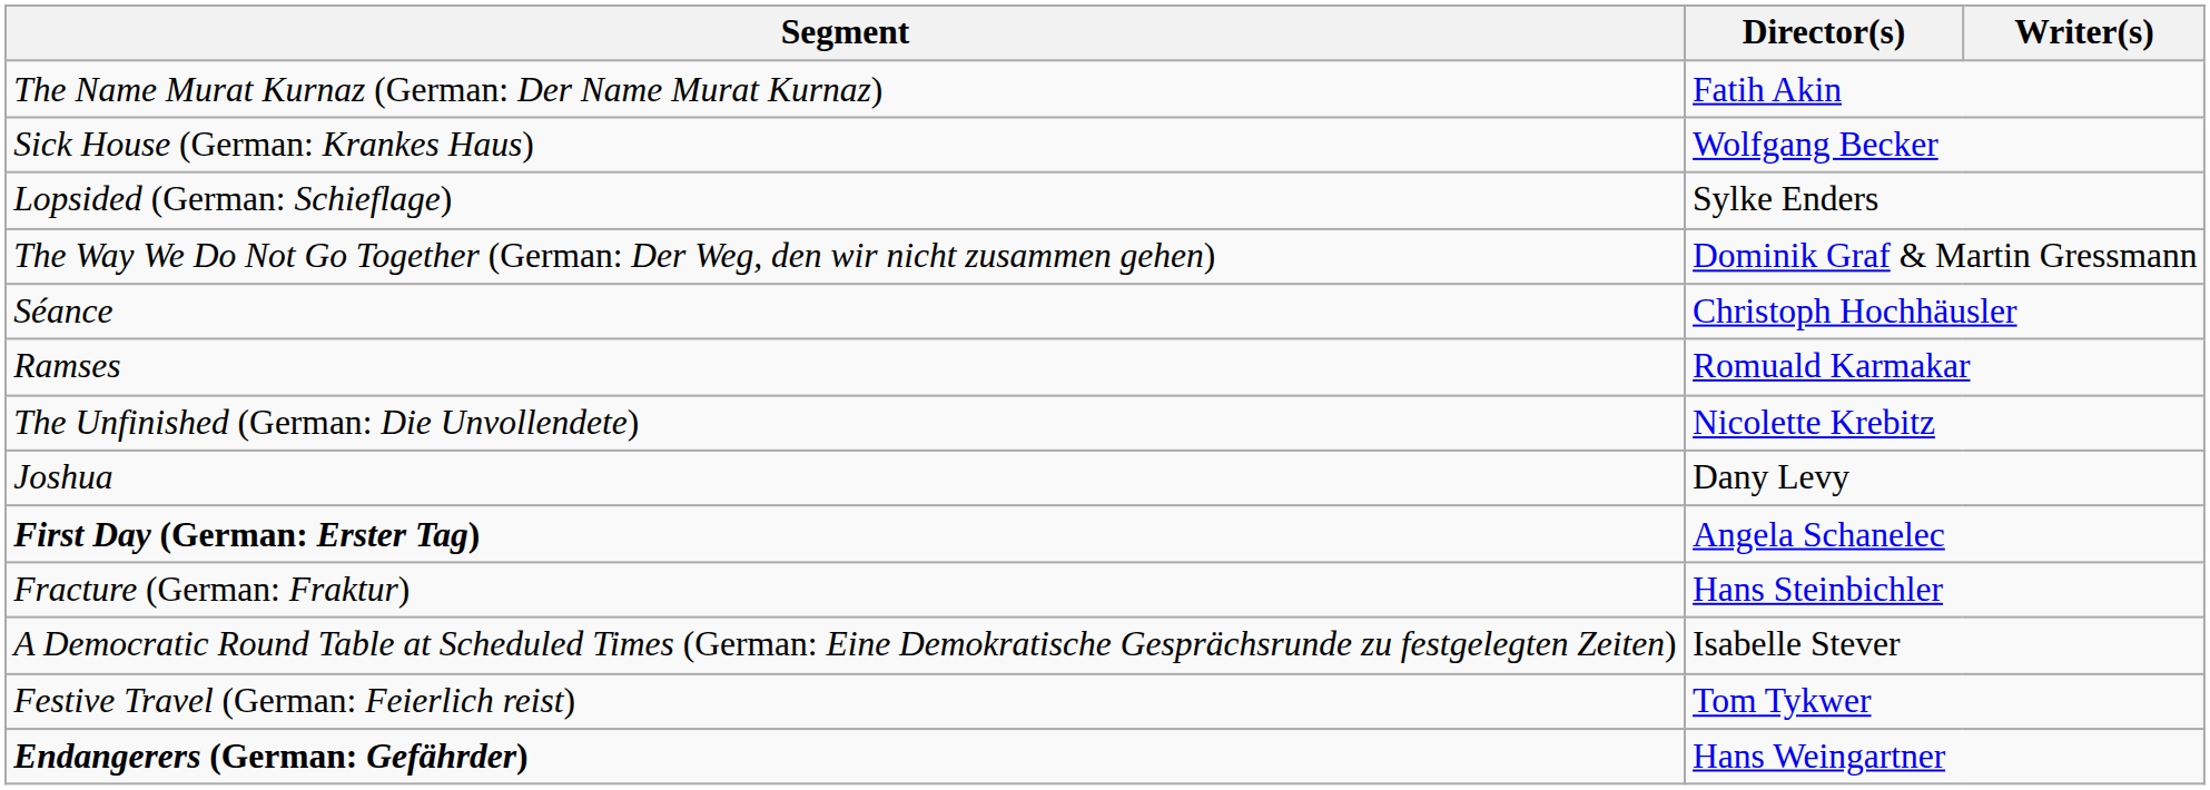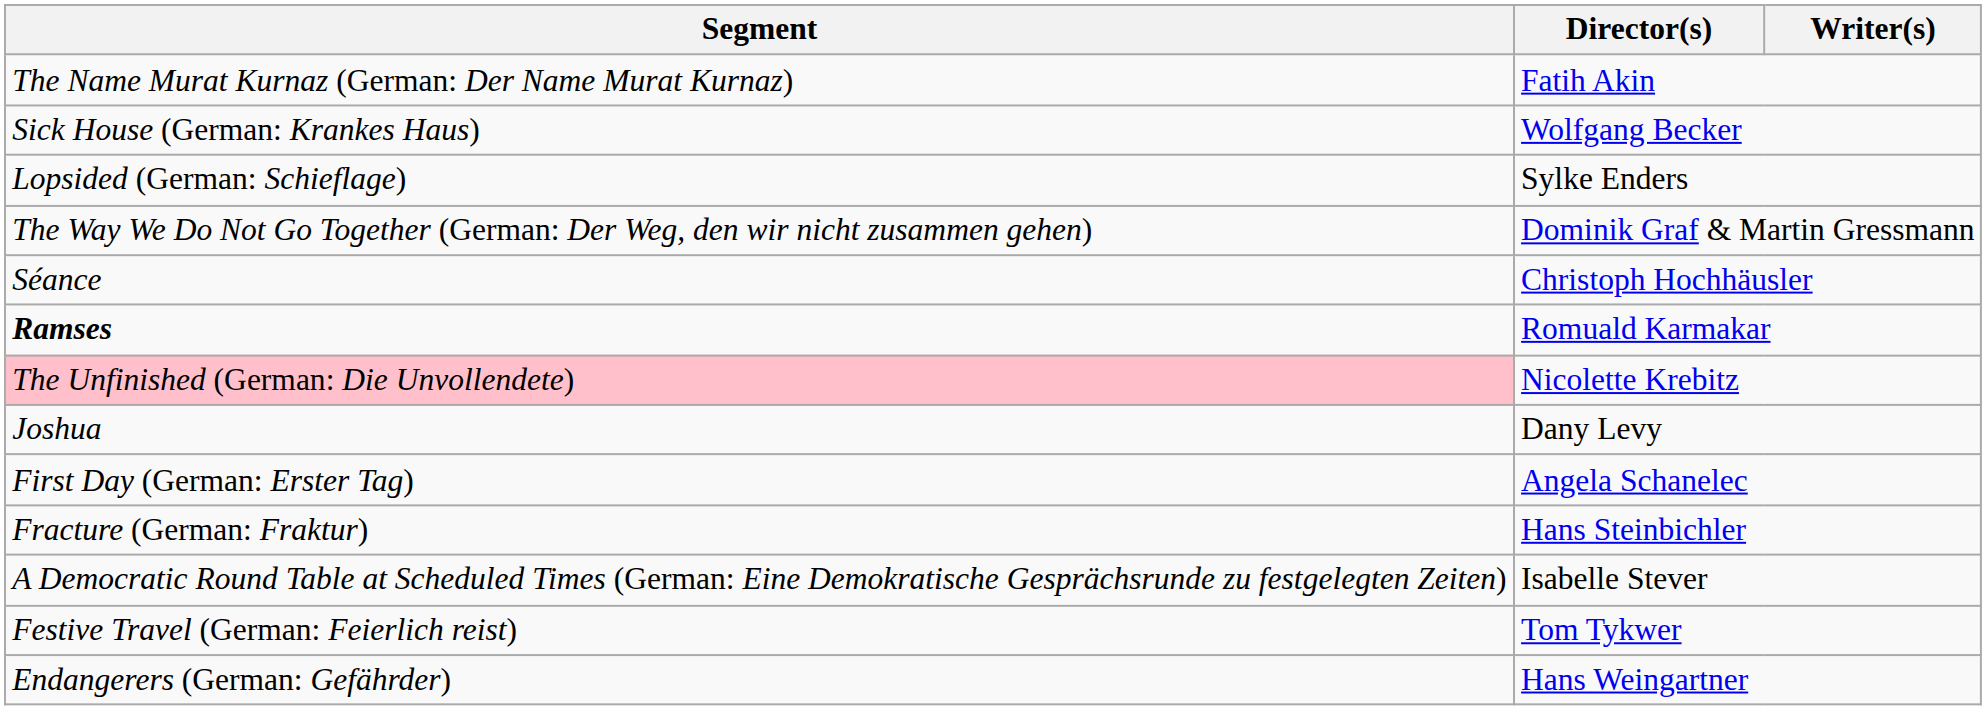 <table class="wikitable">
 <tr>
 <th><strong>Segment</strong></th>
 <th><strong>Director</strong>(s)</th>
 <th>Writer(s)</th>
 </tr>
 <tr>
 <td><em>The Name Murat Kurnaz</em> (German: <em>Der Name Murat Kurnaz</em>)</td>
 <td colspan="2"><a href='#'>Fatih Akin</a></td>
 </tr>
 <tr>
 <td><em>Sick House</em> (German: <em>Krankes Haus</em>)</td>
 <td colspan="2"><a href='#'>Wolfgang Becker</a></td>
 </tr>
 <tr>
 <td><em>Lopsided</em> (German: <em>Schieflage</em>)</td>
 <td colspan="2">Sylke Enders</td>
 </tr>
 <tr>
 <td><em>The Way We Do Not Go Together</em> (German: <em>Der Weg, den wir nicht zusammen gehen</em>)</td>
 <td colspan="2"><a href='#'>Dominik Graf</a> & Martin Gressmann</td>
 </tr>
 <tr>
 <td><em>Séance</em></td>
 <td colspan="2"><a href='#'>Christoph Hochhäusler</a></td>
 </tr>
 <tr>
-<td><em>Ramses</em></td>
+<td><strong><em>Ramses</em></strong></td>
 <td colspan="2"><a href='#'>Romuald Karmakar</a></td>
 </tr>
 <tr>
-<td><em>The Unfinished</em> (German: <em>Die Unvollendete</em>)</td>
+<td style="background: pink;"><em>The Unfinished</em> (German: <em>Die Unvollendete</em>)</td>
 <td colspan="2"><a href='#'>Nicolette Krebitz</a></td>
 </tr>
 <tr>
 <td><em>Joshua</em></td>
 <td colspan="2">Dany Levy</td>
 </tr>
 <tr>
-<td><strong><em>First Day</em> (German: <em>Erster Tag</em>)</strong></td>
+<td><em>First Day</em> (German: <em>Erster Tag</em>)</td>
 <td colspan="2"><a href='#'>Angela Schanelec</a></td>
 </tr>
 <tr>
 <td><em>Fracture</em> (German: <em>Fraktur</em>)</td>
 <td colspan="2"><a href='#'>Hans Steinbichler</a></td>
 </tr>
 <tr>
 <td><em>A Democratic Round Table at Scheduled Times</em> (German: <em>Eine Demokratische Gesprächsrunde zu festgelegten Zeiten</em>)</td>
 <td colspan="2">Isabelle Stever</td>
 </tr>
 <tr>
 <td><em>Festive Travel</em> (German: <em>Feierlich reist</em>)</td>
 <td colspan="2"><a href='#'>Tom Tykwer</a></td>
 </tr>
 <tr>
-<td><strong><em>Endangerers</em> (German: <em>Gefährder</em>)</strong></td>
+<td><em>Endangerers</em> (German: <em>Gefährder</em>)</td>
 <td colspan="2"><a href='#'>Hans Weingartner</a></td>
 </tr>
 </table>
